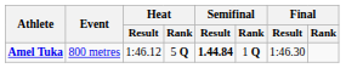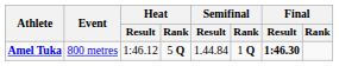 <table class="wikitable" style="font-size:90%">
 <tr>
 <th rowspan="2">Athlete</th>
 <th rowspan="2">Event</th>
 <th colspan="2">Heat</th>
 <th colspan="2">Semifinal</th>
 <th colspan="2">Final</th>
 </tr>
 <tr style="font-size:95%">
 <th>Result</th>
 <th>Rank</th>
 <th>Result</th>
 <th>Rank</th>
 <th>Result</th>
 <th>Rank</th>
 </tr>
 <tr style=text-align:center>
 <td style=text-align:left><strong><a href='#'>Amel Tuka</a></strong></td>
 <td style=text-align:left><a href='#'>800 metres</a></td>
 <td>1:46.12</td>
 <td>5 <strong>Q</strong></td>
-<td><strong>1.44.84</strong></td>
+<td>1.44.84</td>
 <td>1 <strong>Q</strong></td>
-<td>1:46.30</td>
+<td><strong>1:46.30</strong></td>
 <td></td>
 </tr>
 </table>
